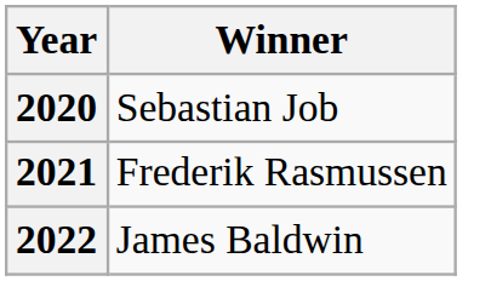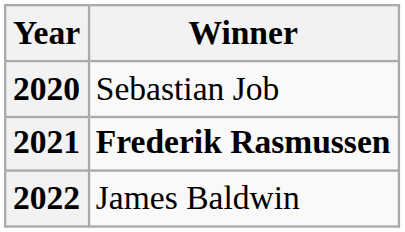 <table class="wikitable" style="font-size: 90%;">
 <tr>
 <th>Year</th>
 <th>Winner</th>
 </tr>
 <tr>
 <th>2020</th>
 <td>Sebastian Job</td>
 </tr>
 <tr>
 <th>2021</th>
-<td>Frederik Rasmussen</td>
+<td><strong>Frederik Rasmussen</strong></td>
 </tr>
 <tr>
 <th>2022</th>
 <td>James Baldwin</td>
 </tr>
 </table>
